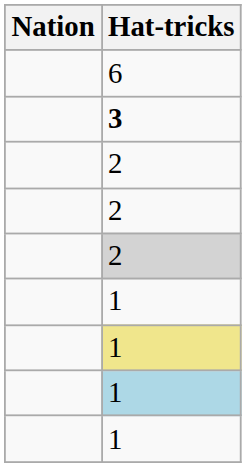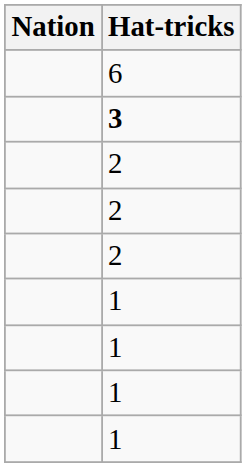 <table class="wikitable">
 <tr>
 <th>Nation</th>
 <th>Hat-tricks</th>
 </tr>
 <tr>
 <td></td>
 <td>6</td>
 </tr>
 <tr>
 <td></td>
 <td><strong>3</strong></td>
 </tr>
 <tr>
 <td></td>
 <td>2</td>
 </tr>
 <tr>
 <td></td>
 <td>2</td>
 </tr>
 <tr>
 <td></td>
-<td style="background: lightgrey;">2</td>
+<td>2</td>
 </tr>
 <tr>
 <td></td>
 <td>1</td>
 </tr>
 <tr>
 <td></td>
-<td style="background: khaki;">1</td>
+<td>1</td>
 </tr>
 <tr>
 <td></td>
-<td style="background: lightblue;">1</td>
+<td>1</td>
 </tr>
 <tr>
 <td></td>
 <td>1</td>
 </tr>
 </table>
